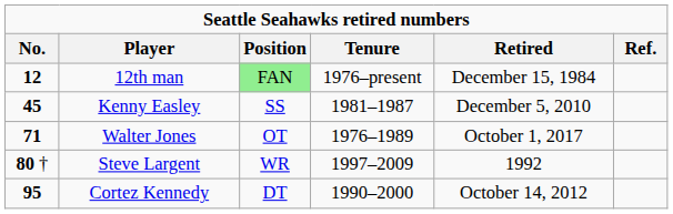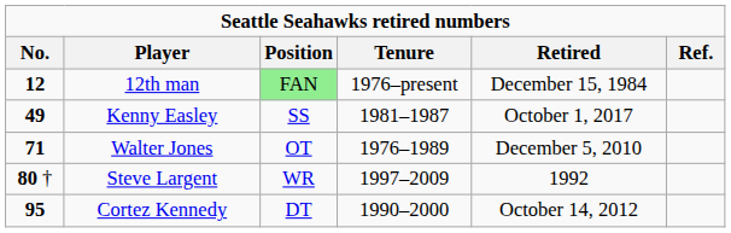 <table class="wikitable sortable" style="text-align:center">
 <tr>
 <td colspan="6"><strong>Seattle Seahawks retired numbers</strong></td>
 </tr>
 <tr>
 <th width=40px>No.</th>
 <th width=150px>Player</th>
 <th width=40px>Position</th>
 <th width=100px>Tenure</th>
 <th width=150px>Retired</th>
 <th width=40px>Ref.</th>
 </tr>
 <tr>
 <td><strong>12</strong></td>
 <td><a href='#'>12th man</a></td>
 <td style="background: lightgreen;">FAN</td>
 <td>1976–present</td>
 <td>December 15, 1984</td>
 <td></td>
 </tr>
 <tr>
-<td><strong>45</strong></td>
+<td><strong>49</strong></td>
 <td><a href='#'>Kenny Easley</a></td>
 <td><a href='#'>SS</a></td>
 <td>1981–1987</td>
-<td>December 5, 2010</td>
+<td>October 1, 2017</td>
 <td></td>
 </tr>
 <tr>
 <td><strong>71</strong></td>
 <td><a href='#'>Walter Jones</a></td>
 <td><a href='#'>OT</a></td>
 <td>1976–1989</td>
-<td>October 1, 2017</td>
+<td>December 5, 2010</td>
 <td></td>
 </tr>
 <tr>
 <td><strong>80</strong> †</td>
 <td><a href='#'>Steve Largent</a></td>
 <td><a href='#'>WR</a></td>
 <td>1997–2009</td>
 <td>1992</td>
 <td></td>
 </tr>
 <tr>
 <td><strong>95</strong></td>
 <td><a href='#'>Cortez Kennedy</a></td>
 <td><a href='#'>DT</a></td>
 <td>1990–2000</td>
 <td>October 14, 2012</td>
 <td></td>
 </tr>
 </table>
